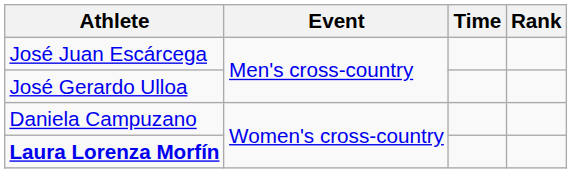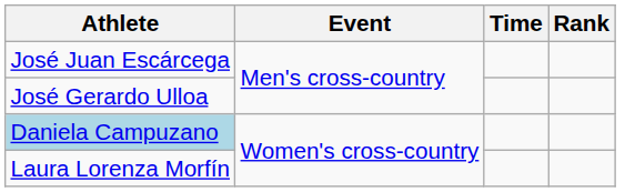 <table class=wikitable style="font-size:95%">
 <tr>
 <th>Athlete</th>
 <th>Event</th>
 <th>Time</th>
 <th>Rank</th>
 </tr>
 <tr>
 <td><a href='#'>José Juan Escárcega</a></td>
 <td align=left rowspan=2><a href='#'>Men's cross-country</a></td>
 <td align=center></td>
 <td align=center></td>
 </tr>
 <tr>
 <td><a href='#'>José Gerardo Ulloa</a></td>
 <td align=center></td>
 <td align=center></td>
 </tr>
 <tr>
-<td><a href='#'>Daniela Campuzano</a></td>
+<td style="background: lightblue;"><a href='#'>Daniela Campuzano</a></td>
 <td align=center rowspan=2><a href='#'>Women's cross-country</a></td>
 <td align=center></td>
 <td align=center></td>
 </tr>
 <tr>
-<td><strong><a href='#'>Laura Lorenza Morfín</a></strong></td>
+<td><a href='#'>Laura Lorenza Morfín</a></td>
 <td align=center></td>
 <td align=center></td>
 </tr>
 </table>
